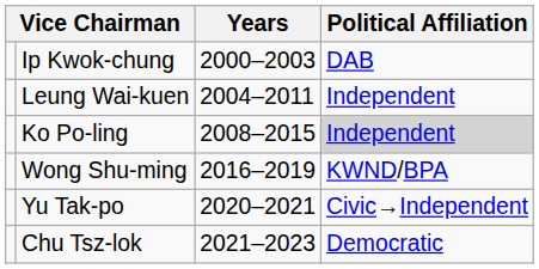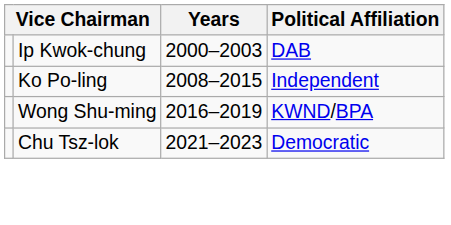 <table class="wikitable">
 <tr>
 <th colspan=2>Vice Chairman</th>
 <th>Years</th>
 <th>Political Affiliation</th>
 </tr>
 <tr>
 <td style="color:inherit;background: "></td>
 <td>Ip Kwok-chung</td>
 <td>2000–2003</td>
 <td><a href='#'>DAB</a></td>
 </tr>
 <tr>
 <td style="color:inherit;background: "></td>
-<td>Leung Wai-kuen</td>
-<td>2004–2011</td>
-<td><a href='#'>Independent</a></td>
-</tr>
-<tr>
-<td style="color:inherit;background: "></td>
 <td>Ko Po-ling</td>
 <td>2008–2015</td>
-<td style="background: lightgrey;"><a href='#'>Independent</a></td>
+<td><a href='#'>Independent</a></td>
 </tr>
 <tr>
 <td style="color:inherit;background: "></td>
 <td>Wong Shu-ming</td>
 <td>2016–2019</td>
 <td><a href='#'>KWND</a>/<a href='#'>BPA</a></td>
 </tr>
 <tr>
 <td style="color:inherit;background: "></td>
-<td>Yu Tak-po</td>
-<td>2020–2021</td>
-<td><a href='#'>Civic</a>→<a href='#'>Independent</a></td>
-</tr>
-<tr>
-<td style="color:inherit;background: "></td>
 <td>Chu Tsz-lok</td>
 <td>2021–2023</td>
 <td><a href='#'>Democratic</a></td>
 </tr>
 </table>
